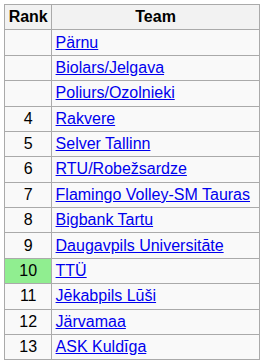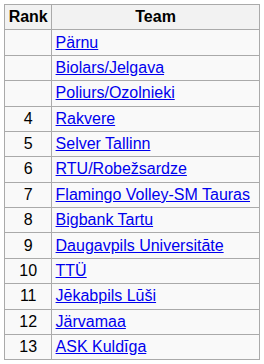 <table class=wikitable style="text-align:center">
 <tr>
 <th width=40>Rank</th>
 <th width=200>Team</th>
 </tr>
 <tr>
 <td></td>
 <td align=left> <a href='#'>Pärnu</a></td>
 </tr>
 <tr>
 <td></td>
 <td align=left> <a href='#'>Biolars/Jelgava</a></td>
 </tr>
 <tr>
 <td></td>
 <td align=left> <a href='#'>Poliurs/Ozolnieki</a></td>
 </tr>
 <tr>
 <td>4</td>
 <td align=left> <a href='#'>Rakvere</a></td>
 </tr>
 <tr>
 <td>5</td>
 <td align=left> <a href='#'>Selver Tallinn</a></td>
 </tr>
 <tr>
 <td>6</td>
 <td align=left> <a href='#'>RTU/Robežsardze</a></td>
 </tr>
 <tr>
 <td>7</td>
 <td align=left> <a href='#'>Flamingo Volley-SM Tauras</a></td>
 </tr>
 <tr>
 <td>8</td>
 <td align=left> <a href='#'>Bigbank Tartu</a></td>
 </tr>
 <tr>
 <td>9</td>
 <td align=left> <a href='#'>Daugavpils Universitāte</a></td>
 </tr>
 <tr>
-<td style="background: lightgreen;">10</td>
+<td>10</td>
 <td align=left> <a href='#'>TTÜ</a></td>
 </tr>
 <tr>
 <td>11</td>
 <td align=left> <a href='#'>Jēkabpils Lūši</a></td>
 </tr>
 <tr>
 <td>12</td>
 <td align=left> <a href='#'>Järvamaa</a></td>
 </tr>
 <tr>
 <td>13</td>
 <td align=left> <a href='#'>ASK Kuldīga</a></td>
 </tr>
 </table>
